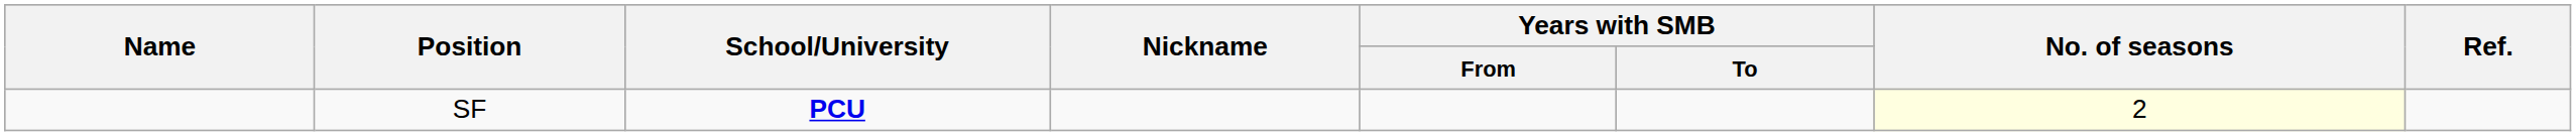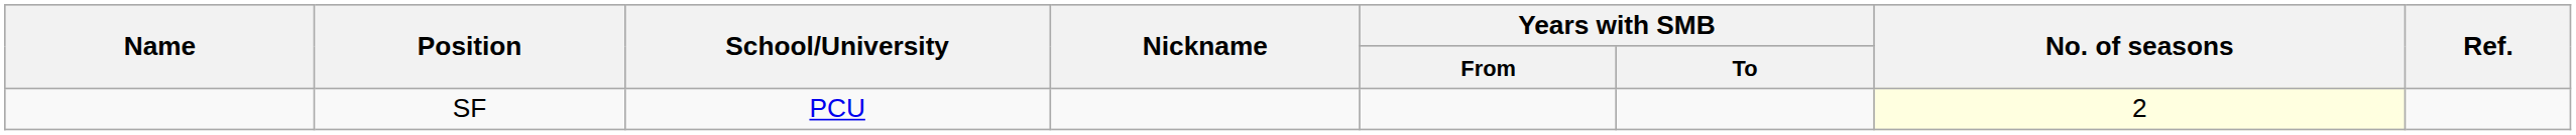 <table class="wikitable sortable" style="text-align:center" width="98%">
 <tr>
 <th style="width:180px;" rowspan="2">Name</th>
 <th rowspan="2">Position</th>
 <th style="width:250px;" rowspan="2">School/University</th>
 <th style="width:180px;" rowspan="2">Nickname</th>
 <th style="width:180px; text-align:center;" colspan="2">Years with SMB</th>
 <th rowspan="2">No. of seasons</th>
 <th rowspan="2"; class=unsortable>Ref.</th>
 </tr>
 <tr>
 <th style="width:10%; text-align:center;"><small>From</small></th>
 <th style="width:10%; text-align:center;"><small>To</small></th>
 </tr>
 <tr>
 <td></td>
 <td>SF</td>
-<td><strong><a href='#'>PCU</a></strong></td>
+<td><a href='#'>PCU</a></td>
 <td></td>
 <td></td>
 <td></td>
 <td style="background: lightyellow;">2</td>
 <td></td>
 </tr>
 </table>
